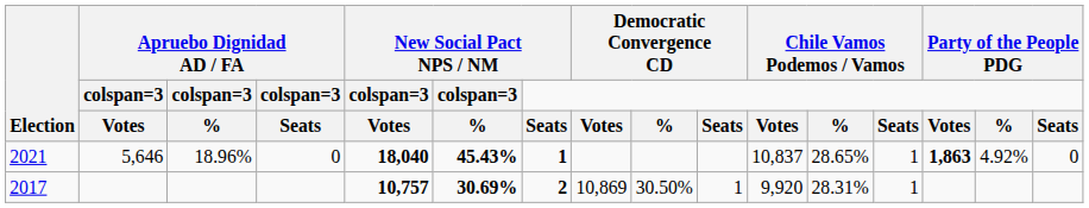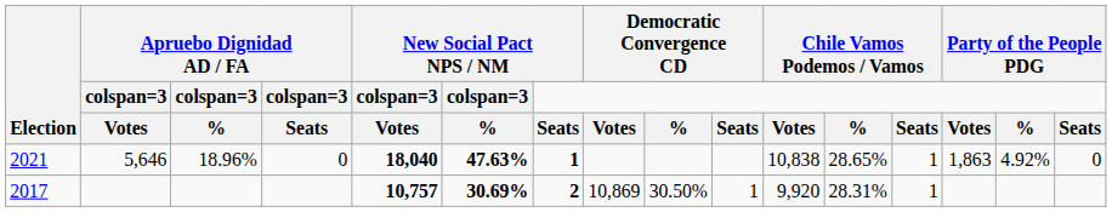 <table class="wikitable" border="1" style="font-size:95%; text-align:right;">
 <tr>
 <th style="text-align:left;" valign=bottom rowspan=3>Election</th>
 <th valign=bottom colspan=3><a href='#'>Apruebo Dignidad</a><br>AD / FA</th>
 <th valign=bottom colspan=3><a href='#'>New Social Pact</a><br>NPS / NM</th>
 <th valign=bottom colspan=3>Democratic<br>Convergence<br>CD</th>
 <th valign=bottom colspan=3><a href='#'>Chile Vamos</a><br>Podemos / Vamos</th>
 <th valign=bottom colspan=3><a href='#'>Party of the People</a><br>PDG</th>
 </tr>
 <tr>
 <th>colspan=3 </th>
 <th>colspan=3 </th>
 <th>colspan=3 </th>
 <th>colspan=3 </th>
 <th>colspan=3 </th>
 </tr>
 <tr>
 <th>Votes</th>
 <th>%</th>
 <th>Seats</th>
 <th>Votes</th>
 <th>%</th>
 <th>Seats</th>
 <th>Votes</th>
 <th>%</th>
 <th>Seats</th>
 <th>Votes</th>
 <th>%</th>
 <th>Seats</th>
 <th>Votes</th>
 <th>%</th>
 <th>Seats</th>
 </tr>
 <tr>
 <td align=left><a href='#'>2021</a></td>
 <td>5,646</td>
 <td>18.96%</td>
 <td>0</td>
 <td><strong>18,040</strong></td>
-<td><strong>45.43%</strong></td>
+<td><strong>47.63%</strong></td>
 <td><strong>1</strong></td>
 <td></td>
 <td></td>
 <td></td>
-<td>10,837</td>
+<td>10,838</td>
 <td>28.65%</td>
 <td>1</td>
-<td><strong>1,863</strong></td>
+<td>1,863</td>
 <td>4.92%</td>
 <td>0</td>
 </tr>
 <tr>
 <td align=left><a href='#'>2017</a></td>
 <td></td>
 <td></td>
 <td></td>
 <td><strong>10,757</strong></td>
 <td><strong>30.69%</strong></td>
 <td><strong>2</strong></td>
 <td>10,869</td>
 <td>30.50%</td>
 <td>1</td>
 <td>9,920</td>
 <td>28.31%</td>
 <td>1</td>
 <td></td>
 <td></td>
 <td></td>
 </tr>
 </table>
